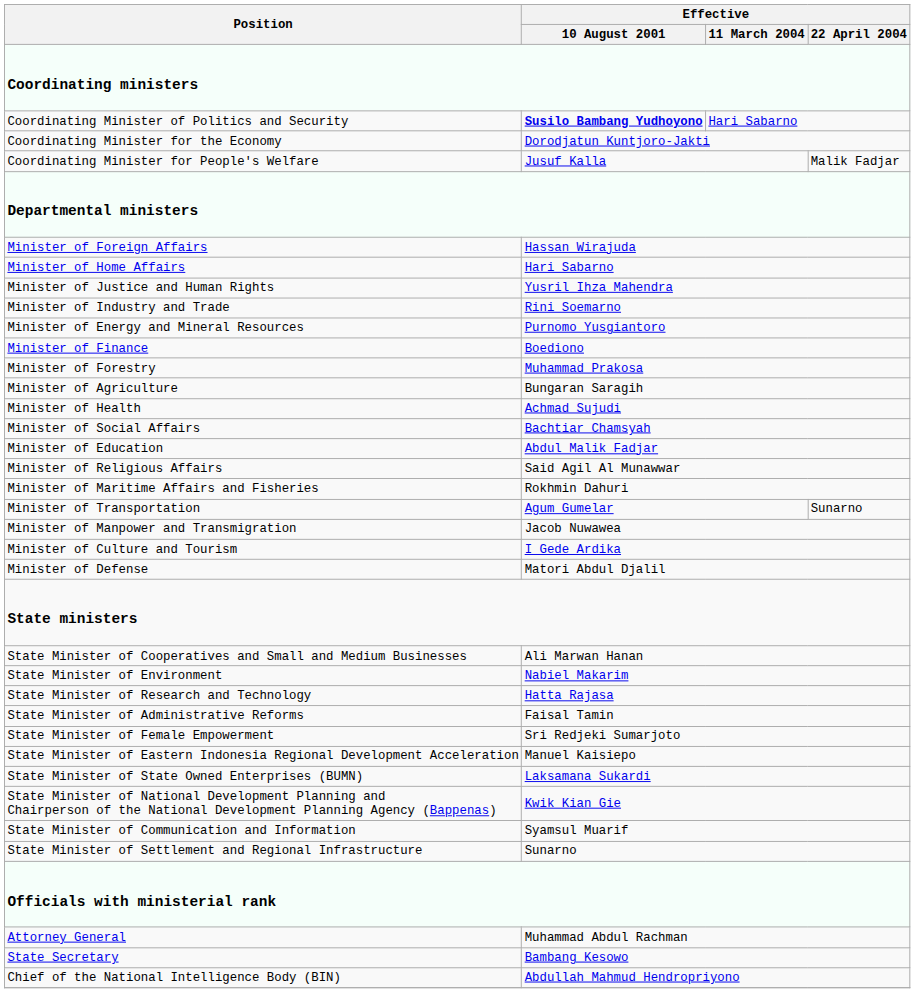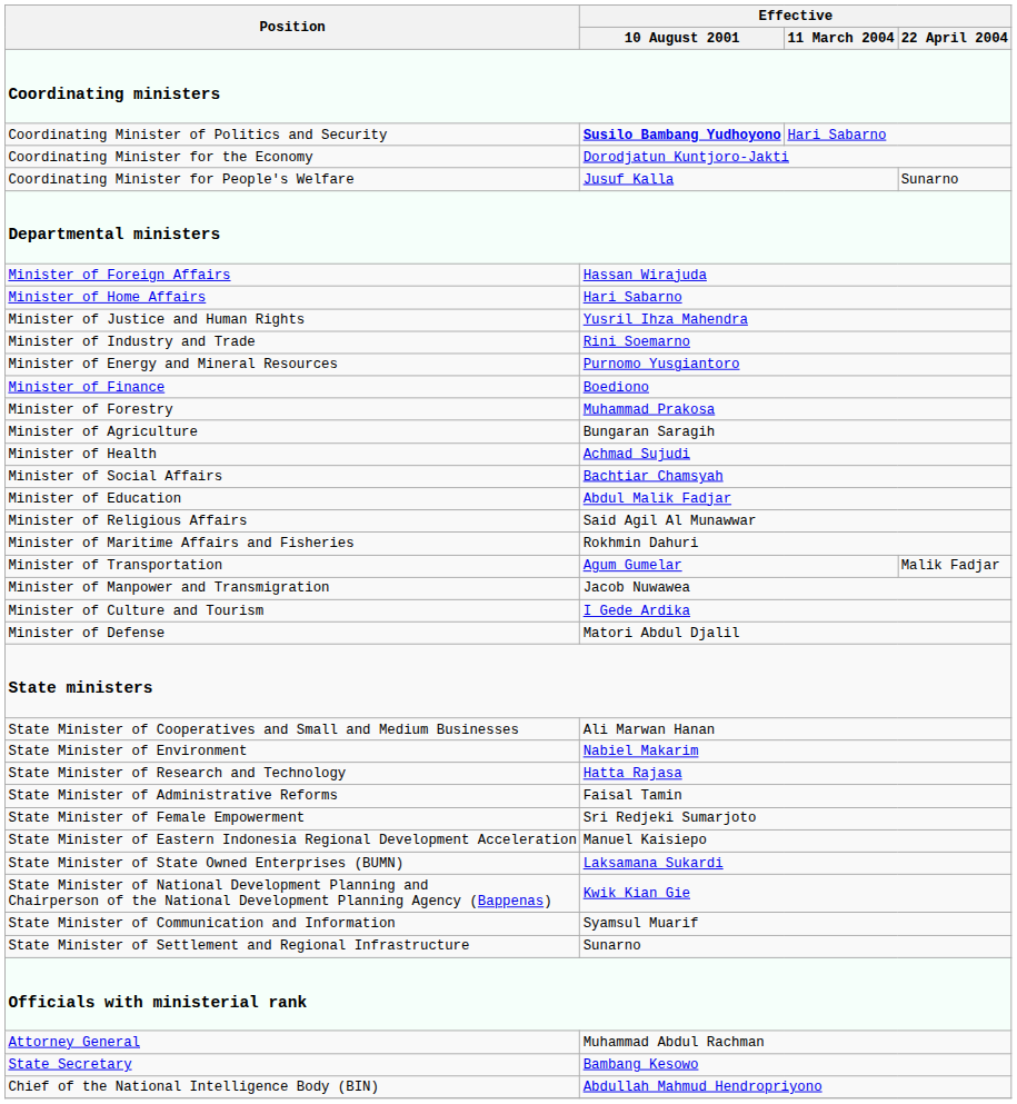 <table class="wikitable">
 <tr>
 <th rowspan=2>Position</th>
 <th colspan=3>Effective</th>
 </tr>
 <tr>
 <th>10 August 2001</th>
 <th>11 March 2004</th>
 <th>22 April 2004</th>
 </tr>
 <tr bgcolor=MintCream>
 <td colspan=4><br><h3>Coordinating ministers</h3></td>
 </tr>
 <tr>
 <td>Coordinating Minister of Politics and Security</td>
 <td><strong><a href='#'>Susilo Bambang Yudhoyono</a></strong></td>
 <td colspan=2><a href='#'>Hari Sabarno</a></td>
 </tr>
 <tr>
 <td>Coordinating Minister for the Economy</td>
 <td colspan=3><a href='#'>Dorodjatun Kuntjoro-Jakti</a></td>
 </tr>
 <tr>
 <td>Coordinating Minister for People's Welfare</td>
 <td colspan=2><a href='#'>Jusuf Kalla</a></td>
-<td>Malik Fadjar</td>
+<td>Sunarno</td>
 </tr>
 <tr bgcolor=MintCream>
 <td colspan=4><br><h3>Departmental ministers</h3></td>
 </tr>
 <tr>
 <td><a href='#'>Minister of Foreign Affairs</a></td>
 <td colspan=3><a href='#'>Hassan Wirajuda</a></td>
 </tr>
 <tr>
 <td><a href='#'>Minister of Home Affairs</a></td>
 <td colspan=3><a href='#'>Hari Sabarno</a></td>
 </tr>
 <tr>
 <td>Minister of Justice and Human Rights</td>
 <td colspan=3><a href='#'>Yusril Ihza Mahendra</a></td>
 </tr>
 <tr>
 <td>Minister of Industry and Trade</td>
 <td colspan=3><a href='#'>Rini Soemarno</a></td>
 </tr>
 <tr>
 <td>Minister of Energy and Mineral Resources</td>
 <td colspan=3><a href='#'>Purnomo Yusgiantoro</a></td>
 </tr>
 <tr>
 <td><a href='#'>Minister of Finance</a></td>
 <td colspan=3><a href='#'>Boediono</a></td>
 </tr>
 <tr>
 <td>Minister of Forestry</td>
 <td colspan=3><a href='#'>Muhammad Prakosa</a></td>
 </tr>
 <tr>
 <td>Minister of Agriculture</td>
 <td colspan=3>Bungaran Saragih</td>
 </tr>
 <tr>
 <td>Minister of Health</td>
 <td colspan=3><a href='#'>Achmad Sujudi</a></td>
 </tr>
 <tr>
 <td>Minister of Social Affairs</td>
 <td colspan=3><a href='#'>Bachtiar Chamsyah</a></td>
 </tr>
 <tr>
 <td>Minister of Education</td>
 <td colspan=3><a href='#'>Abdul Malik Fadjar</a></td>
 </tr>
 <tr>
 <td>Minister of Religious Affairs</td>
 <td colspan=3>Said Agil Al Munawwar</td>
 </tr>
 <tr>
 <td>Minister of Maritime Affairs and Fisheries</td>
 <td colspan=3>Rokhmin Dahuri</td>
 </tr>
 <tr>
 <td>Minister of Transportation</td>
 <td colspan=2><a href='#'>Agum Gumelar</a></td>
-<td>Sunarno</td>
+<td>Malik Fadjar</td>
 </tr>
 <tr>
 <td>Minister of Manpower and Transmigration</td>
 <td colspan=3>Jacob Nuwawea</td>
 </tr>
 <tr>
 <td>Minister of Culture and Tourism</td>
 <td colspan=3><a href='#'>I Gede Ardika</a></td>
 </tr>
 <tr>
 <td>Minister of Defense</td>
 <td colspan=3>Matori Abdul Djalil</td>
 </tr>
 <tr>
 <td colspan=4><br><h3>State ministers</h3></td>
 </tr>
 <tr>
 <td>State Minister of Cooperatives and Small and Medium Businesses</td>
 <td colspan=3>Ali Marwan Hanan</td>
 </tr>
 <tr>
 <td State Minister of Environment (Indonesia)>State Minister of Environment</td>
 <td colspan=3><a href='#'>Nabiel Makarim</a></td>
 </tr>
 <tr>
 <td>State Minister of Research and Technology</td>
 <td colspan=3><a href='#'>Hatta Rajasa</a></td>
 </tr>
 <tr>
 <td>State Minister of Administrative Reforms</td>
 <td colspan=3>Faisal Tamin</td>
 </tr>
 <tr>
 <td>State Minister of Female Empowerment</td>
 <td colspan=3>Sri Redjeki Sumarjoto</td>
 </tr>
 <tr>
 <td>State Minister of Eastern Indonesia Regional Development Acceleration</td>
 <td colspan=3>Manuel Kaisiepo</td>
 </tr>
 <tr>
 <td>State Minister of State Owned Enterprises (BUMN)</td>
 <td colspan=3><a href='#'>Laksamana Sukardi</a></td>
 </tr>
 <tr>
 <td>State Minister of National Development Planning and <br>Chairperson of the National Development Planning Agency (<a href='#'>Bappenas</a>)</td>
 <td colspan=3><a href='#'>Kwik Kian Gie</a></td>
 </tr>
 <tr>
 <td>State Minister of Communication and Information</td>
 <td colspan=3>Syamsul Muarif</td>
 </tr>
 <tr>
 <td>State Minister of Settlement and Regional Infrastructure</td>
 <td colspan=3>Sunarno</td>
 </tr>
 <tr bgcolor=MintCream>
 <td colspan=4><br><h3>Officials with ministerial rank</h3></td>
 </tr>
 <tr>
 <td><a href='#'>Attorney General</a></td>
 <td colspan=3>Muhammad Abdul Rachman</td>
 </tr>
 <tr>
 <td><a href='#'>State Secretary</a></td>
 <td colspan=3><a href='#'>Bambang Kesowo</a></td>
 </tr>
 <tr>
 <td>Chief of the National Intelligence Body (BIN)</td>
 <td colspan=3><a href='#'>Abdullah Mahmud Hendropriyono</a></td>
 </tr>
 <tr>
 </tr>
 </table>
